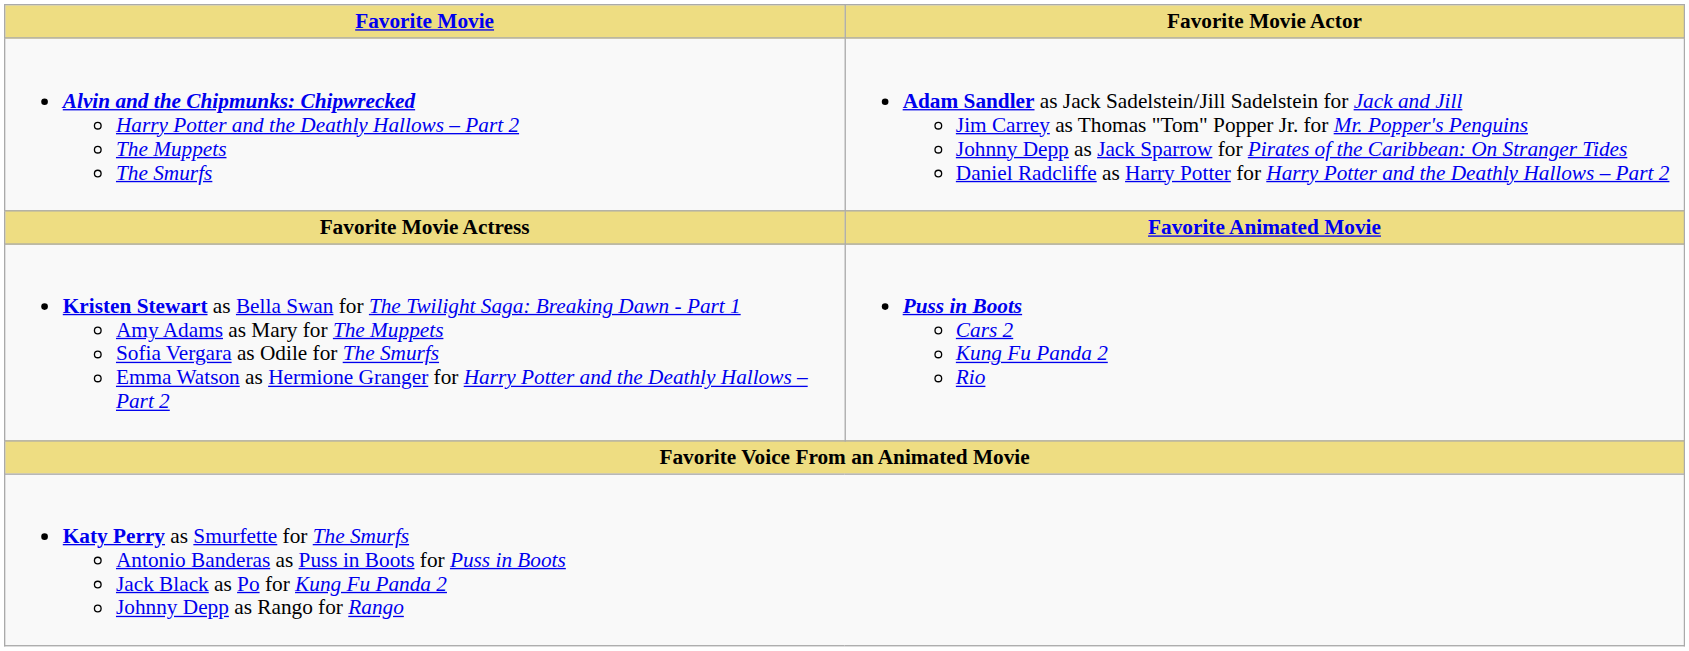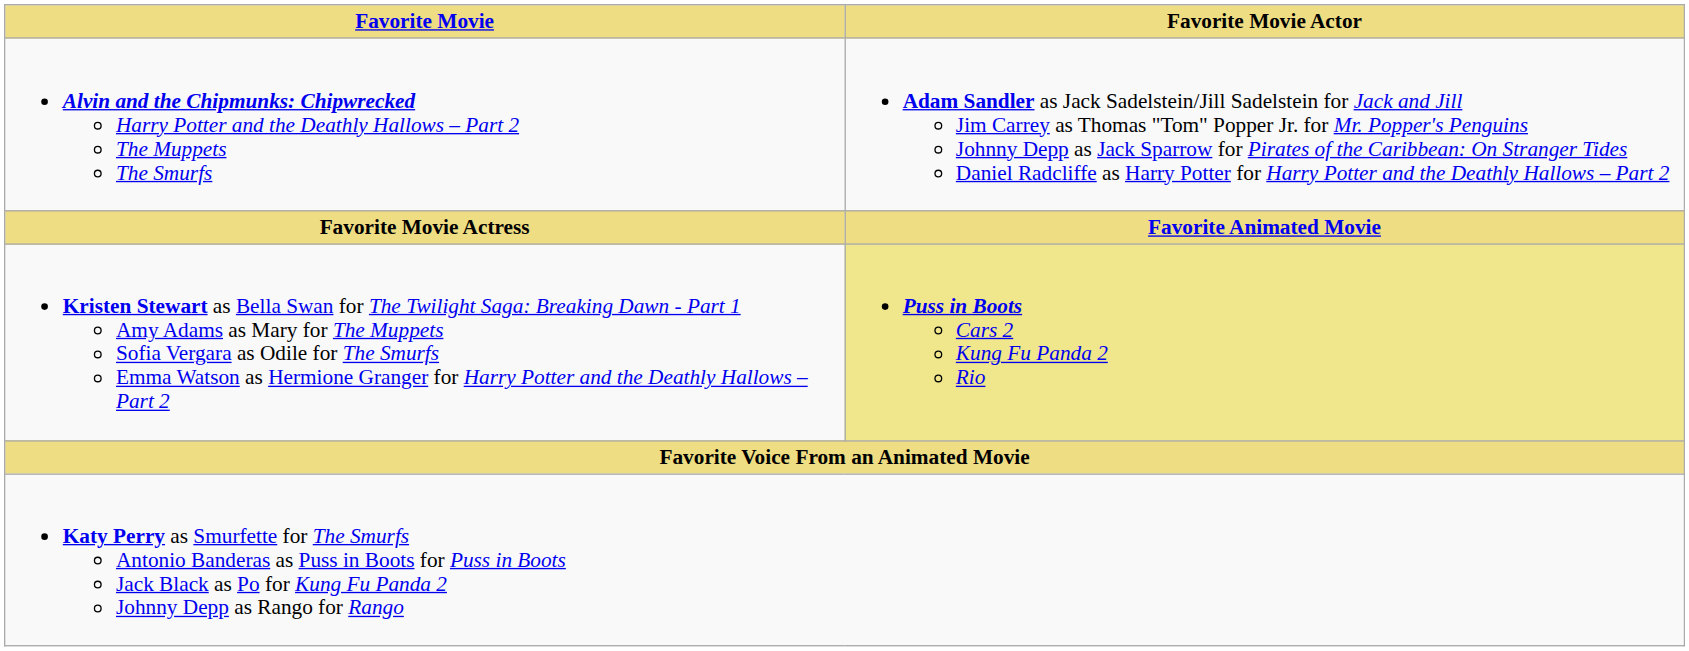 <table class="wikitable" style="width:100%;">
 <tr>
 <th style="background:#EEDD82; width:50%"><a href='#'>Favorite Movie</a></th>
 <th style="background:#EEDD82; width:50%">Favorite Movie Actor</th>
 </tr>
 <tr>
 <td valign="top"><br><ul><li><strong><em><a href='#'>Alvin and the Chipmunks: Chipwrecked</a></em></strong><ul><li><em><a href='#'>Harry Potter and the Deathly Hallows – Part 2</a></em></li><li><em><a href='#'>The Muppets</a></em></li><li><em><a href='#'>The Smurfs</a></em></li></ul></li></ul></td>
 <td valign="top"><br><ul><li><strong><a href='#'>Adam Sandler</a></strong> as Jack Sadelstein/Jill Sadelstein for <em><a href='#'>Jack and Jill</a></em><ul><li><a href='#'>Jim Carrey</a> as Thomas "Tom" Popper Jr. for <em><a href='#'>Mr. Popper's Penguins</a></em></li><li><a href='#'>Johnny Depp</a> as <a href='#'>Jack Sparrow</a> for <em><a href='#'>Pirates of the Caribbean: On Stranger Tides</a></em></li><li><a href='#'>Daniel Radcliffe</a> as <a href='#'>Harry Potter</a> for <em><a href='#'>Harry Potter and the Deathly Hallows – Part 2</a></em></li></ul></li></ul></td>
 </tr>
 <tr>
 <th style="background:#EEDD82; width:50%">Favorite Movie Actress</th>
 <th style="background:#EEDD82; width:50%"><a href='#'>Favorite Animated Movie</a></th>
 </tr>
 <tr>
 <td valign="top"><br><ul><li><strong><a href='#'>Kristen Stewart</a></strong> as <a href='#'>Bella Swan</a> for <em><a href='#'>The Twilight Saga: Breaking Dawn - Part 1</a></em><ul><li><a href='#'>Amy Adams</a> as Mary for <em><a href='#'>The Muppets</a></em></li><li><a href='#'>Sofia Vergara</a> as Odile for <em><a href='#'>The Smurfs</a></em></li><li><a href='#'>Emma Watson</a> as <a href='#'>Hermione Granger</a> for <em><a href='#'>Harry Potter and the Deathly Hallows – Part 2</a></em></li></ul></li></ul></td>
-<td valign="top"><br><ul><li><strong><em><a href='#'>Puss in Boots</a></em></strong><ul><li><em><a href='#'>Cars 2</a></em></li><li><em><a href='#'>Kung Fu Panda 2</a></em></li><li><em><a href='#'>Rio</a></em></li></ul></li></ul></td>
+<td valign="top" style="background: khaki;"><br><ul><li><strong><em><a href='#'>Puss in Boots</a></em></strong><ul><li><em><a href='#'>Cars 2</a></em></li><li><em><a href='#'>Kung Fu Panda 2</a></em></li><li><em><a href='#'>Rio</a></em></li></ul></li></ul></td>
 </tr>
 <tr>
 <th style="background:#EEDD82;" colspan="2">Favorite Voice From an Animated Movie</th>
 </tr>
 <tr>
 <td colspan="2" valign="top"><br><ul><li><strong><a href='#'>Katy Perry</a></strong> as <a href='#'>Smurfette</a> for <em><a href='#'>The Smurfs</a></em><ul><li><a href='#'>Antonio Banderas</a> as <a href='#'>Puss in Boots</a> for <em><a href='#'>Puss in Boots</a></em></li><li><a href='#'>Jack Black</a> as <a href='#'>Po</a> for <em><a href='#'>Kung Fu Panda 2</a></em></li><li><a href='#'>Johnny Depp</a> as Rango for <em><a href='#'>Rango</a></em></li></ul></li></ul></td>
 </tr>
 </table>
